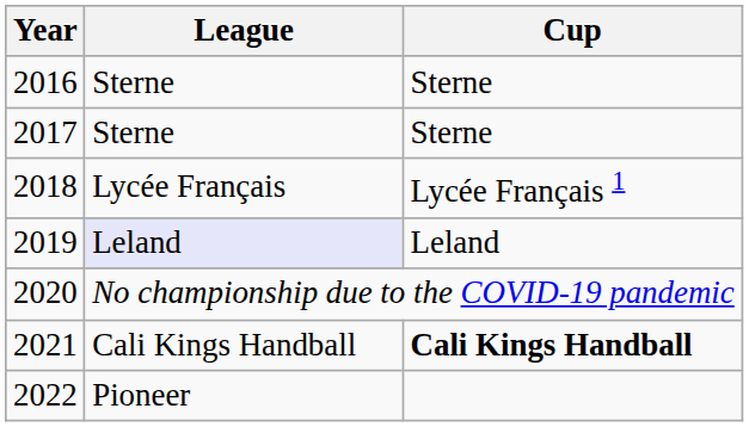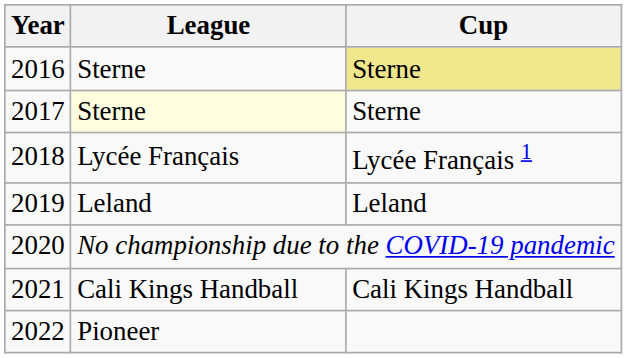 <table class="wikitable">
 <tr>
 <th>Year</th>
 <th>League</th>
 <th>Cup</th>
 </tr>
 <tr>
 <td>2016</td>
 <td>Sterne</td>
-<td>Sterne</td>
+<td style="background: khaki;">Sterne</td>
 </tr>
 <tr>
 <td>2017</td>
-<td>Sterne</td>
+<td style="background: lightyellow;">Sterne</td>
 <td>Sterne</td>
 </tr>
 <tr>
 <td>2018</td>
 <td>Lycée Français</td>
 <td>Lycée Français <sup><a href='#'>1</a></sup></td>
 </tr>
 <tr>
 <td>2019</td>
-<td style="background: lavender;">Leland</td>
+<td>Leland</td>
 <td>Leland</td>
 </tr>
 <tr>
 <td>2020</td>
 <td colspan="2"><em>No championship due to the <a href='#'>COVID-19 pandemic</a></em></td>
 </tr>
 <tr>
 <td>2021</td>
 <td>Cali Kings Handball</td>
-<td><strong>Cali Kings Handball</strong></td>
+<td>Cali Kings Handball</td>
 </tr>
 <tr>
 <td>2022</td>
 <td>Pioneer</td>
 <td></td>
 </tr>
 </table>
